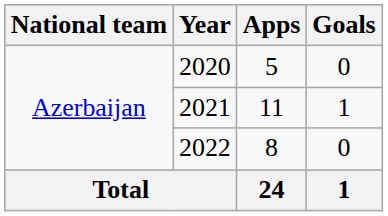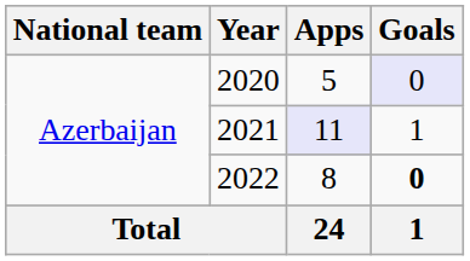 <table class="wikitable" style="text-align:center">
 <tr>
 <th>National team</th>
 <th>Year</th>
 <th>Apps</th>
 <th>Goals</th>
 </tr>
 <tr>
 <td rowspan="3"><a href='#'>Azerbaijan</a></td>
 <td>2020</td>
 <td>5</td>
-<td>0</td>
+<td style="background: lavender;">0</td>
 </tr>
 <tr>
 <td>2021</td>
-<td>11</td>
+<td style="background: lavender;">11</td>
 <td>1</td>
 </tr>
 <tr>
 <td>2022</td>
 <td>8</td>
-<td>0</td>
+<td><strong>0</strong></td>
 </tr>
 <tr>
 <th colspan="2">Total</th>
 <th>24</th>
 <th>1</th>
 </tr>
 </table>
